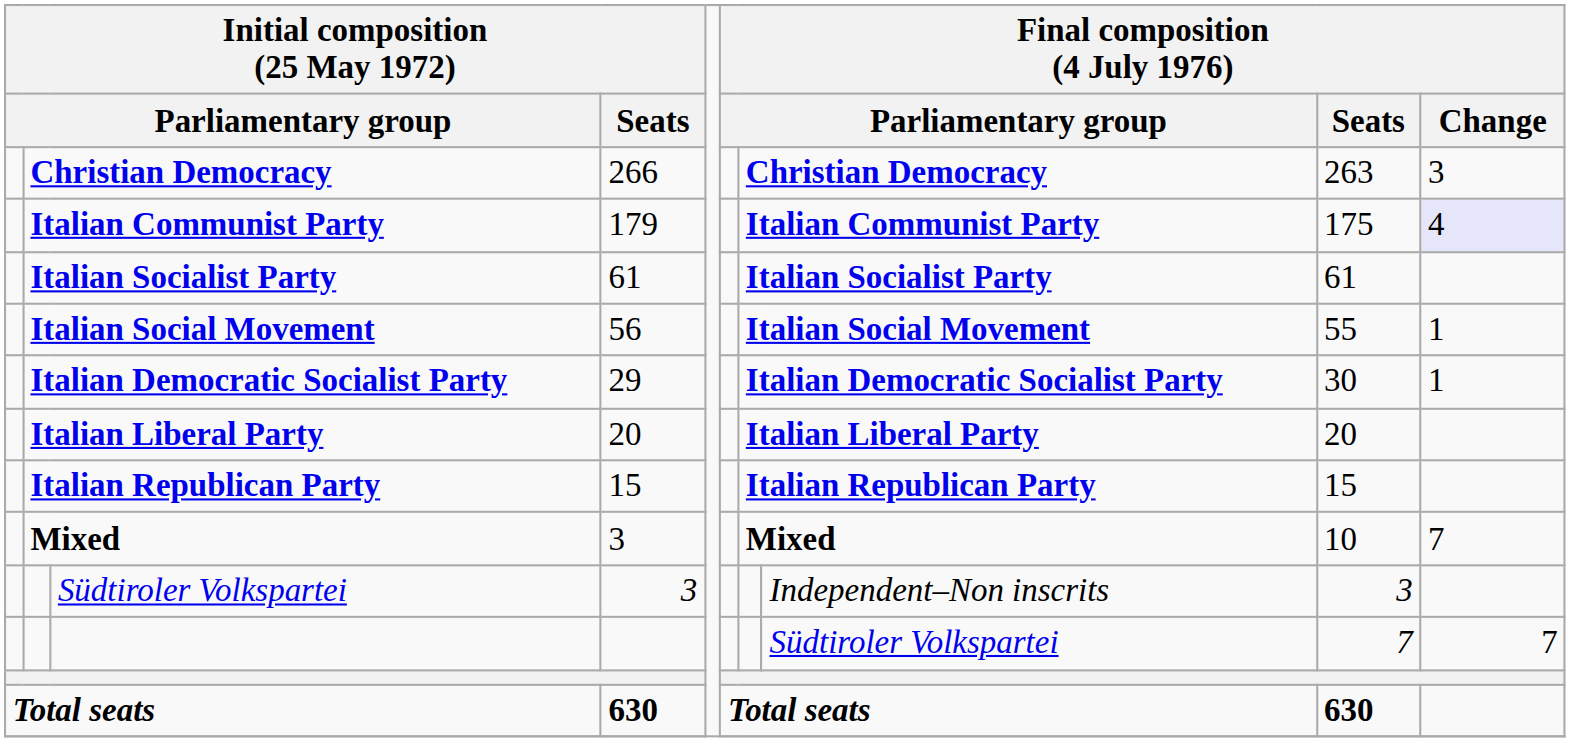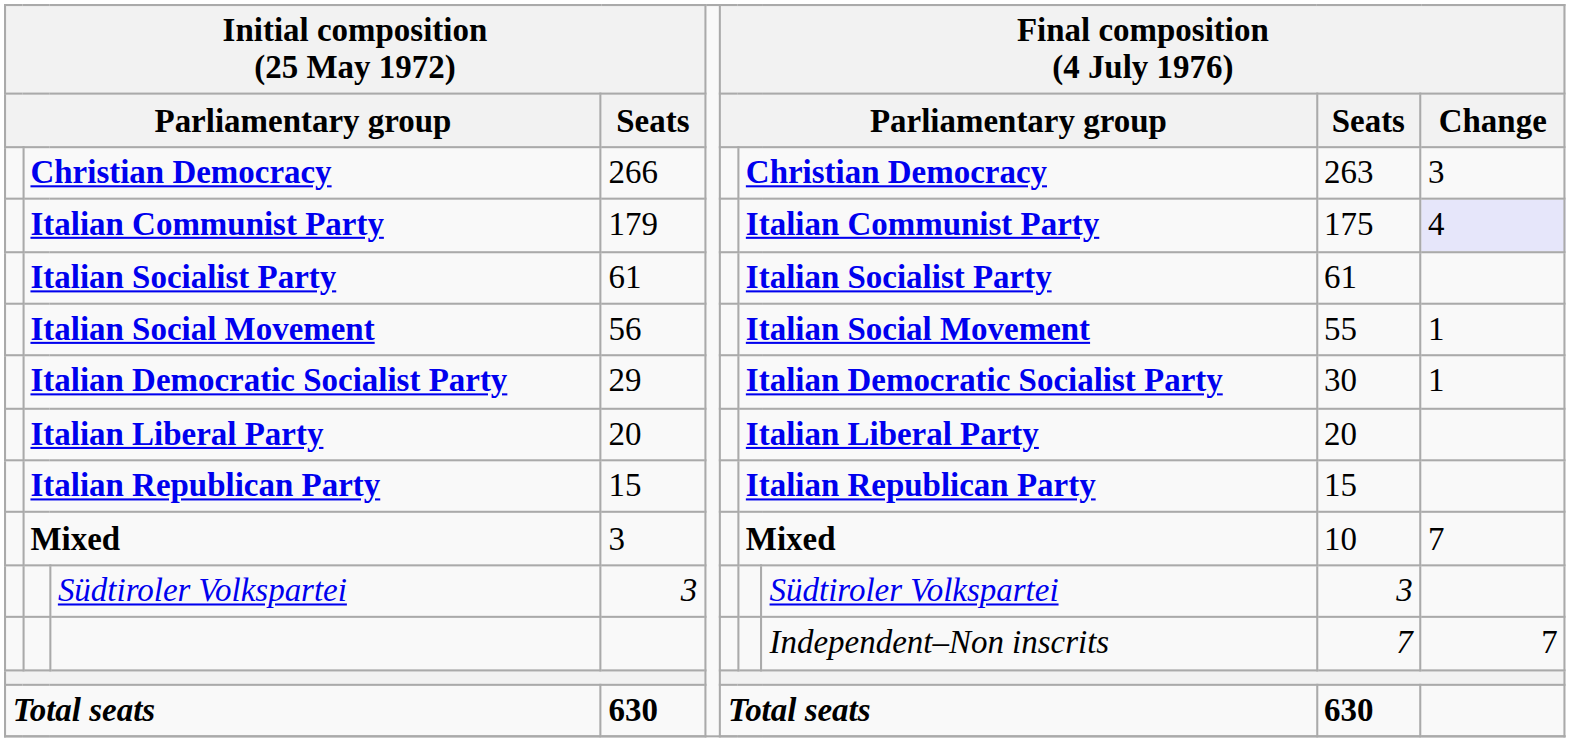 <table class="wikitable" style="width : 60%;">
 <tr>
 <th colspan="4">Initial composition<br>(25 May 1972)</th>
 <td rowspan="30" style="width : 1%;"></td>
 <th colspan="5">Final composition<br>(4 July 1976)</th>
 </tr>
 <tr>
 <th colspan="3">Parliamentary group</th>
 <th>Seats</th>
 <th colspan="3">Parliamentary group</th>
 <th>Seats</th>
 <th>Change</th>
 </tr>
 <tr>
 <td></td>
 <td colspan = "2"><strong><a href='#'>Christian Democracy</a></strong></td>
 <td>266</td>
 <td></td>
 <td colspan = "2"><strong><a href='#'>Christian Democracy</a></strong></td>
 <td>263</td>
 <td> 3</td>
 </tr>
 <tr>
 <td></td>
 <td colspan = "2"><strong><a href='#'>Italian Communist Party</a></strong></td>
 <td>179</td>
 <td></td>
 <td colspan = "2"><strong><a href='#'>Italian Communist Party</a></strong></td>
 <td>175</td>
 <td style="background: lavender;"> 4</td>
 </tr>
 <tr>
 <td></td>
 <td colspan = "2"><strong><a href='#'>Italian Socialist Party</a></strong></td>
 <td>61</td>
 <td></td>
 <td colspan = "2"><strong><a href='#'>Italian Socialist Party</a></strong></td>
 <td>61</td>
 <td></td>
 </tr>
 <tr>
 <td></td>
 <td colspan = "2"><strong><a href='#'>Italian Social Movement</a></strong></td>
 <td>56</td>
 <td></td>
 <td colspan = "2"><strong><a href='#'>Italian Social Movement</a></strong></td>
 <td>55</td>
 <td> 1</td>
 </tr>
 <tr>
 <td></td>
 <td colspan = "2"><strong><a href='#'>Italian Democratic Socialist Party</a></strong></td>
 <td>29</td>
 <td></td>
 <td colspan = "2"><strong><a href='#'>Italian Democratic Socialist Party</a></strong></td>
 <td>30</td>
 <td> 1</td>
 </tr>
 <tr>
 <td></td>
 <td colspan = "2"><strong><a href='#'>Italian Liberal Party</a></strong></td>
 <td>20</td>
 <td></td>
 <td colspan = "2"><strong><a href='#'>Italian Liberal Party</a></strong></td>
 <td>20</td>
 <td></td>
 </tr>
 <tr>
 <td></td>
 <td colspan = "2"><strong><a href='#'>Italian Republican Party</a></strong></td>
 <td>15</td>
 <td></td>
 <td colspan = "2"><strong><a href='#'>Italian Republican Party</a></strong></td>
 <td>15</td>
 <td></td>
 </tr>
 <tr>
 <td></td>
 <td colspan = "2"><strong>Mixed</strong></td>
 <td>3</td>
 <td></td>
 <td colspan = "2"><strong>Mixed</strong></td>
 <td>10</td>
 <td> 7</td>
 </tr>
 <tr>
 <td></td>
 <td></td>
 <td><em><a href='#'>Südtiroler Volkspartei</a></em></td>
 <td align="right"><em>3</em></td>
 <td></td>
 <td></td>
-<td><em>Independent–Non inscrits</em></td>
+<td><em><a href='#'>Südtiroler Volkspartei</a></em></td>
 <td align="right"><em>3</em></td>
 <td align="right"></td>
 </tr>
 <tr>
 <td></td>
 <td></td>
 <td></td>
 <td></td>
 <td></td>
 <td></td>
-<td><em><a href='#'>Südtiroler Volkspartei</a></em></td>
+<td><em>Independent–Non inscrits</em></td>
 <td align="right"><em>7</em></td>
 <td align="right"> 7</td>
 </tr>
 <tr>
 <th colspan="4"></th>
 <th colspan="5"></th>
 </tr>
 <tr>
 <td colspan="3"><strong><em>Total seats</em></strong></td>
 <td><strong>630</strong></td>
 <td colspan="3"><strong><em>Total seats</em></strong></td>
 <td><strong>630</strong></td>
 <td></td>
 </tr>
 <tr>
 </tr>
 </table>
